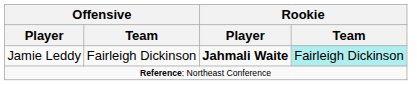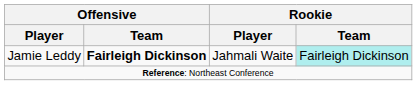 <table class="wikitable">
 <tr>
 <th colspan="2">Offensive</th>
 <th colspan="2">Rookie</th>
 </tr>
 <tr>
 <th>Player</th>
 <th>Team</th>
 <th>Player</th>
 <th>Team</th>
 </tr>
 <tr>
 <td>Jamie Leddy</td>
-<td>Fairleigh Dickinson</td>
-<td><strong>Jahmali Waite</strong></td>
+<td><strong>Fairleigh Dickinson</strong></td>
+<td>Jahmali Waite</td>
 <td style="background: paleturquoise;">Fairleigh Dickinson</td>
 </tr>
 <tr>
 <td colspan="12"  style="font-size:8pt; text-align:center;"><strong>Reference</strong>: Northeast Conference</td>
 </tr>
 </table>
